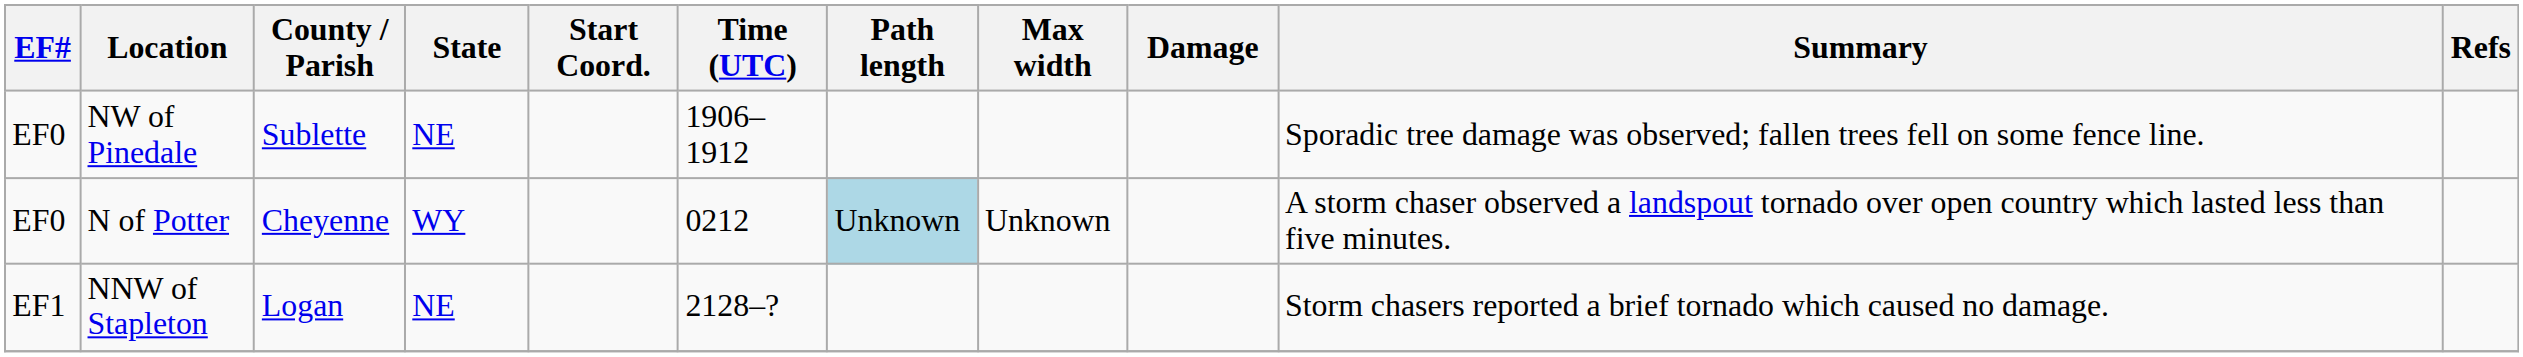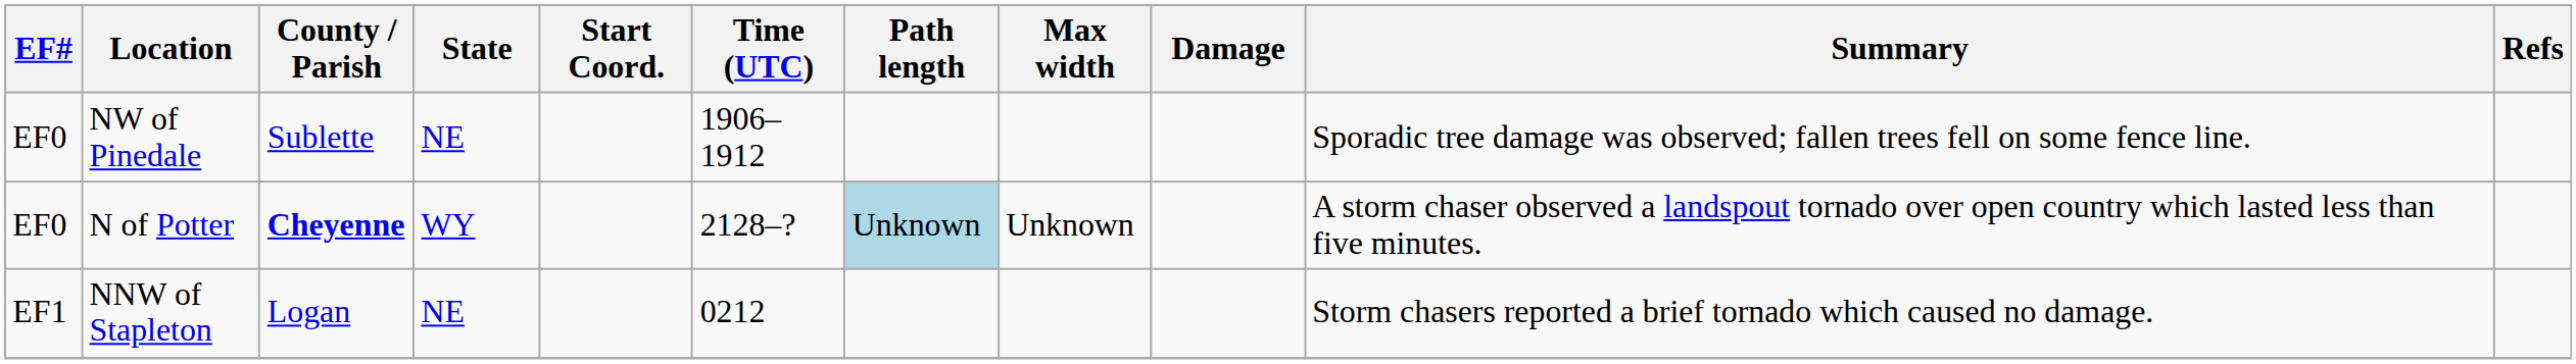 <table class="wikitable sortable" style="width:100%;">
 <tr>
 <th scope="col"  style="width:3%; text-align:center;"><a href='#'>EF#</a></th>
 <th scope="col"  style="width:7%; text-align:center;" class="unsortable">Location</th>
 <th scope="col"  style="width:6%; text-align:center;" class="unsortable">County / Parish</th>
 <th scope="col"  style="width:5%; text-align:center;">State</th>
 <th scope="col"  style="width:6%; text-align:center;">Start Coord.</th>
 <th scope="col"  style="width:6%; text-align:center;">Time (<a href='#'>UTC</a>)</th>
 <th scope="col"  style="width:6%; text-align:center;">Path length</th>
 <th scope="col"  style="width:6%; text-align:center;">Max width</th>
 <th scope="col"  style="width:6%; text-align:center;">Damage</th>
 <th scope="col" class="unsortable" style="width:48%; text-align:center;">Summary</th>
 <th scope="col" class="unsortable" style="width:48%; text-align:center;">Refs</th>
 </tr>
 <tr>
 <td>EF0</td>
 <td>NW of <a href='#'>Pinedale</a></td>
 <td><a href='#'>Sublette</a></td>
 <td><a href='#'>NE</a></td>
 <td></td>
 <td>1906–1912</td>
 <td></td>
 <td></td>
 <td></td>
 <td>Sporadic tree damage was observed; fallen trees fell on some fence line.</td>
 <td></td>
 </tr>
 <tr>
 <td>EF0</td>
 <td>N of <a href='#'>Potter</a></td>
-<td><a href='#'>Cheyenne</a></td>
+<td><strong><a href='#'>Cheyenne</a></strong></td>
 <td><a href='#'>WY</a></td>
 <td></td>
-<td>0212</td>
+<td>2128–?</td>
 <td style="background: lightblue;">Unknown</td>
 <td>Unknown</td>
 <td></td>
 <td>A storm chaser observed a <a href='#'>landspout</a> tornado over open country which lasted less than five minutes.</td>
 <td></td>
 </tr>
 <tr>
 <td>EF1</td>
 <td>NNW of <a href='#'>Stapleton</a></td>
 <td><a href='#'>Logan</a></td>
 <td><a href='#'>NE</a></td>
 <td></td>
-<td>2128–?</td>
+<td>0212</td>
 <td></td>
 <td></td>
 <td></td>
 <td>Storm chasers reported a brief tornado which caused no damage.</td>
 <td></td>
 </tr>
 <tr>
 </tr>
 </table>
